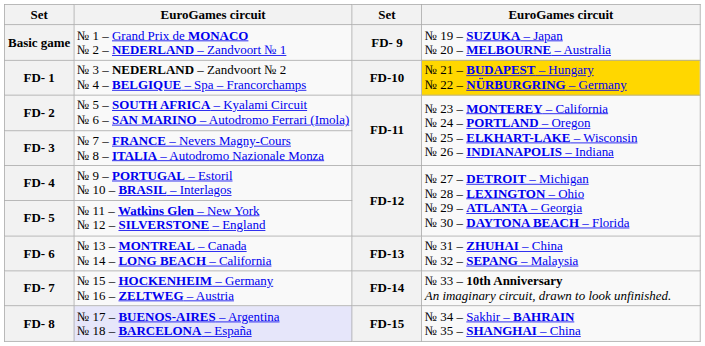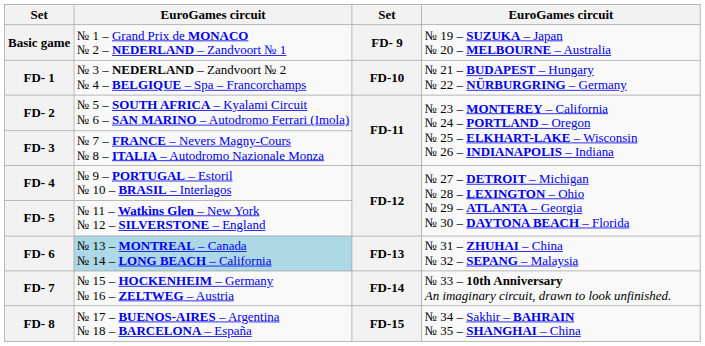 <table class="wikitable">
 <tr>
 <th width="10%">Set</th>
 <th width="40%">EuroGames circuit</th>
 <th width="10%">Set</th>
 <th width="40%">EuroGames circuit</th>
 </tr>
 <tr>
 <th>Basic game</th>
 <td>№ 1 – <a href='#'>Grand Prix de <strong>MONACO</strong></a> <br> № 2 – <a href='#'><strong>NEDERLAND</strong> – Zandvoort № 1</a></td>
 <th>FD- 9</th>
 <td>№ 19 – <a href='#'><strong>SUZUKA</strong> – Japan</a> <br> № 20 – <a href='#'><strong>MELBOURNE</strong> – Australia</a></td>
 </tr>
 <tr>
 <th>FD- 1</th>
 <td>№ 3 – <strong>NEDERLAND</strong> – Zandvoort № 2 <br> № 4 – <a href='#'><strong>BELGIQUE</strong> – Spa – Francorchamps</a></td>
 <th>FD-10</th>
-<td style="background: gold;">№ 21 – <a href='#'><strong>BUDAPEST</strong> – Hungary</a> <br> № 22 – <a href='#'><strong>NÜRBURGRING</strong> – Germany</a></td>
+<td>№ 21 – <a href='#'><strong>BUDAPEST</strong> – Hungary</a> <br> № 22 – <a href='#'><strong>NÜRBURGRING</strong> – Germany</a></td>
 </tr>
 <tr>
 <th>FD- 2</th>
 <td>№ 5 – <a href='#'><strong>SOUTH AFRICA</strong> – Kyalami Circuit</a> <br> № 6 – <a href='#'><strong>SAN MARINO</strong> – Autodromo Ferrari (Imola)</a></td>
 <th rowspan="2">FD-11</th>
 <td rowspan="2">№ 23 – <a href='#'><strong>MONTEREY</strong> – California</a> <br> № 24 – <a href='#'><strong>PORTLAND</strong> – Oregon</a> <br> № 25 – <a href='#'><strong>ELKHART-LAKE</strong> – Wisconsin</a> <br> № 26 – <a href='#'><strong>INDIANAPOLIS</strong> – Indiana</a></td>
 </tr>
 <tr>
 <th>FD- 3</th>
 <td>№ 7 – <a href='#'><strong>FRANCE</strong> – Nevers Magny-Cours</a> <br> № 8 – <a href='#'><strong>ITALIA</strong> – Autodromo Nazionale Monza</a><br></td>
 </tr>
 <tr>
 <th>FD- 4</th>
 <td>№ 9 – <a href='#'><strong>PORTUGAL</strong> – Estoril</a> <br> № 10 – <a href='#'><strong>BRASIL</strong> – Interlagos</a></td>
 <th rowspan="2">FD-12</th>
 <td rowspan="2">№ 27 – <a href='#'><strong>DETROIT</strong> – Michigan</a> <br> № 28 – <a href='#'><strong>LEXINGTON</strong> – Ohio</a> <br> № 29 – <a href='#'><strong>ATLANTA</strong> – Georgia</a> <br> № 30 – <a href='#'><strong>DAYTONA BEACH</strong> – Florida</a></td>
 </tr>
 <tr>
 <th>FD- 5</th>
 <td>№ 11 – <a href='#'><strong>Watkìns Glen</strong> – New York</a> <br> № 12 – <a href='#'><strong>SILVERSTONE</strong> – England</a><br></td>
 </tr>
 <tr>
 <th>FD- 6</th>
-<td>№ 13 – <a href='#'><strong>MONTREAL</strong> – Canada</a> <br> № 14 – <a href='#'><strong>LONG BEACH</strong> – California</a></td>
+<td style="background: lightblue;">№ 13 – <a href='#'><strong>MONTREAL</strong> – Canada</a> <br> № 14 – <a href='#'><strong>LONG BEACH</strong> – California</a></td>
 <th>FD-13</th>
 <td>№ 31 – <a href='#'><strong>ZHUHAI</strong> – China</a> <br> № 32 – <a href='#'><strong>SEPANG</strong> – Malaysia</a></td>
 </tr>
 <tr>
 <th>FD- 7</th>
 <td>№ 15 – <a href='#'><strong>HOCKENHEIM</strong> – Germany</a> <br> № 16 – <a href='#'><strong>ZELTWEG</strong> – Austria</a></td>
 <th>FD-14</th>
 <td>№ 33 – <strong>10th Anniversary</strong> <span><br><em>An imaginary circuit, drawn to look unfinished.</em></span></td>
 </tr>
 <tr>
 <th>FD- 8</th>
-<td style="background: lavender;">№ 17 – <a href='#'><strong>BUENOS-AIRES</strong> – Argentina</a> <br> № 18 – <a href='#'><strong>BARCELONA</strong> – España</a></td>
+<td>№ 17 – <a href='#'><strong>BUENOS-AIRES</strong> – Argentina</a> <br> № 18 – <a href='#'><strong>BARCELONA</strong> – España</a></td>
 <th>FD-15</th>
 <td>№ 34 – <a href='#'>Sakhir – <strong>BAHRAIN</strong></a> <br> № 35 – <a href='#'><strong>SHANGHAI</strong> – China</a></td>
 </tr>
 </table>
